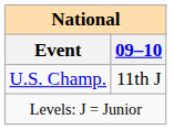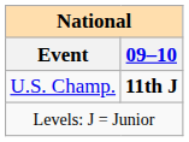 <table class="wikitable" style="text-align:center">
 <tr>
 <th colspan="2" style="background-color: #ffdead; " align="center">National</th>
 </tr>
 <tr>
 <th>Event</th>
 <th><a href='#'>09–10</a></th>
 </tr>
 <tr>
 <td align=left><a href='#'>U.S. Champ.</a></td>
-<td>11th J</td>
+<td><strong>11th J</strong></td>
 </tr>
 <tr>
 <td colspan="2" align="center"><small> Levels: J = Junior </small></td>
 </tr>
 </table>
